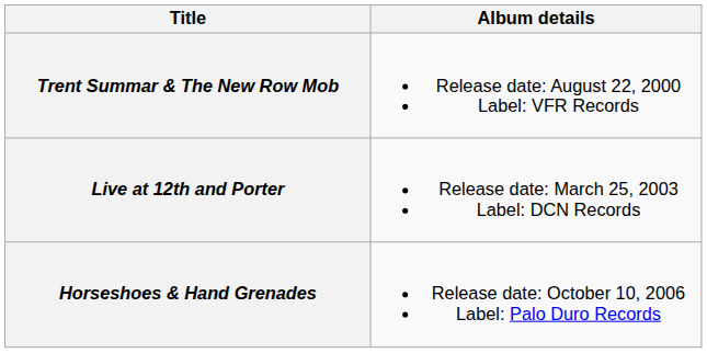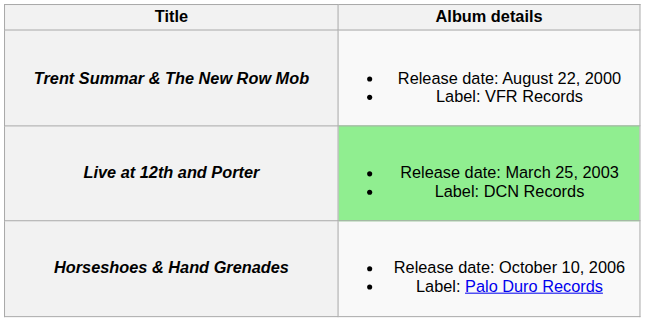 <table class="wikitable plainrowheaders" style="text-align:center;">
 <tr>
 <th style="width:20em;">Title</th>
 <th style="width:18em;">Album details</th>
 </tr>
 <tr>
 <th scope="row"><em>Trent Summar & The New Row Mob</em></th>
 <td><br><ul><li>Release date: August 22, 2000</li><li>Label: VFR Records</li></ul></td>
 </tr>
 <tr>
 <th scope="row"><em>Live at 12th and Porter</em></th>
-<td><br><ul><li>Release date: March 25, 2003</li><li>Label: DCN Records</li></ul></td>
+<td style="background: lightgreen;"><br><ul><li>Release date: March 25, 2003</li><li>Label: DCN Records</li></ul></td>
 </tr>
 <tr>
 <th scope="row"><em>Horseshoes & Hand Grenades</em></th>
 <td><br><ul><li>Release date: October 10, 2006</li><li>Label: <a href='#'>Palo Duro Records</a></li></ul></td>
 </tr>
 </table>
